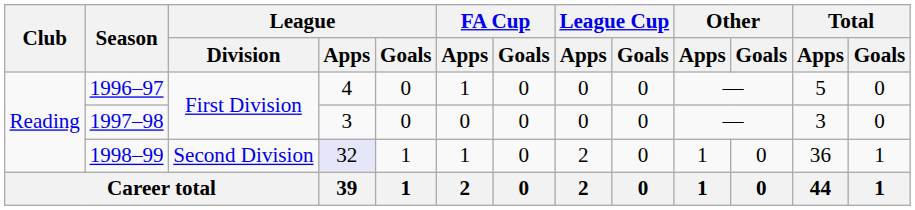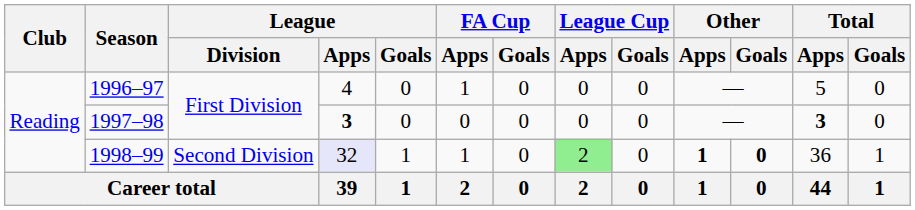 <table class="wikitable" style="text-align:center">
 <tr>
 <th rowspan=2>Club</th>
 <th rowspan=2>Season</th>
 <th colspan=3>League</th>
 <th colspan=2><a href='#'>FA Cup</a></th>
 <th colspan=2><a href='#'>League Cup</a></th>
 <th colspan=2>Other</th>
 <th colspan=3>Total</th>
 </tr>
 <tr>
 <th>Division</th>
 <th>Apps</th>
 <th>Goals</th>
 <th>Apps</th>
 <th>Goals</th>
 <th>Apps</th>
 <th>Goals</th>
 <th>Apps</th>
 <th>Goals</th>
 <th>Apps</th>
 <th>Goals</th>
 </tr>
 <tr>
 <td rowspan=3><a href='#'>Reading</a></td>
 <td><a href='#'>1996–97</a></td>
 <td rowspan=2><a href='#'>First Division</a></td>
 <td>4</td>
 <td>0</td>
 <td>1</td>
 <td>0</td>
 <td>0</td>
 <td>0</td>
 <td colspan=2>—</td>
 <td>5</td>
 <td>0</td>
 </tr>
 <tr>
 <td><a href='#'>1997–98</a></td>
-<td>3</td>
+<td><strong>3</strong></td>
 <td>0</td>
 <td>0</td>
 <td>0</td>
 <td>0</td>
 <td>0</td>
 <td colspan=2>—</td>
-<td>3</td>
+<td><strong>3</strong></td>
 <td>0</td>
 </tr>
 <tr>
 <td><a href='#'>1998–99</a></td>
 <td><a href='#'>Second Division</a></td>
 <td style="background: lavender;">32</td>
 <td>1</td>
 <td>1</td>
 <td>0</td>
-<td>2</td>
+<td style="background: lightgreen;">2</td>
 <td>0</td>
-<td>1</td>
-<td>0</td>
+<td><strong>1</strong></td>
+<td><strong>0</strong></td>
 <td>36</td>
 <td>1</td>
 </tr>
 <tr>
 <th colspan=3>Career total</th>
 <th>39</th>
 <th>1</th>
 <th>2</th>
 <th>0</th>
 <th>2</th>
 <th>0</th>
 <th>1</th>
 <th>0</th>
 <th>44</th>
 <th>1</th>
 </tr>
 </table>
